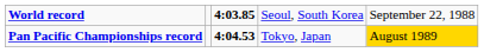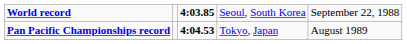 <table class="wikitable">
 <tr>
 <td><strong><a href='#'>World record</a></strong></td>
 <td></td>
 <td><strong>4:03.85</strong></td>
 <td><a href='#'>Seoul</a>, <a href='#'>South Korea</a></td>
 <td>September 22, 1988</td>
 </tr>
 <tr>
 <td><strong><a href='#'>Pan Pacific Championships record</a></strong></td>
 <td></td>
 <td><strong>4:04.53</strong></td>
 <td><a href='#'>Tokyo</a>, <a href='#'>Japan</a></td>
-<td style="background: gold;">August 1989</td>
+<td>August 1989</td>
 </tr>
 </table>
